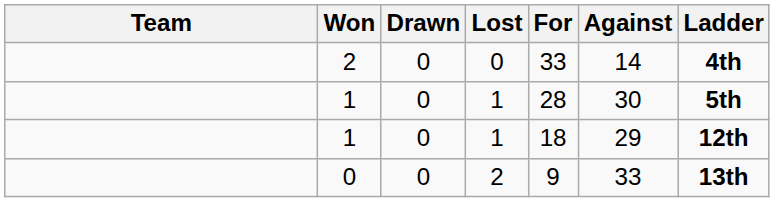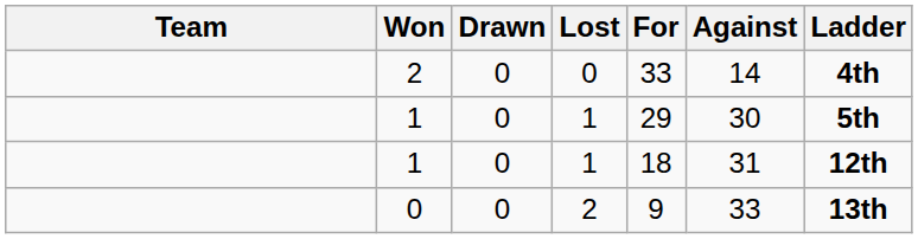 <table class="wikitable">
 <tr>
 <th width="200" bgcolor="#efefef">Team</th>
 <th width="20" bgcolor="#efefef">Won</th>
 <th width="20" bgcolor="#efefef">Drawn</th>
 <th width="20" bgcolor="#efefef">Lost</th>
 <th width="20" bgcolor="#efefef">For</th>
 <th width="20" bgcolor="#efefef">Against</th>
 <th width="20" bgcolor="#efefef">Ladder</th>
 </tr>
 <tr align="center">
 <td align="left"></td>
 <td>2</td>
 <td>0</td>
 <td>0</td>
 <td>33</td>
 <td>14</td>
 <td><strong>4th</strong></td>
 </tr>
 <tr align="center">
 <td align="left"></td>
 <td>1</td>
 <td>0</td>
 <td>1</td>
-<td>28</td>
+<td>29</td>
 <td>30</td>
 <td><strong>5th</strong></td>
 </tr>
 <tr align="center">
 <td align="left"></td>
 <td>1</td>
 <td>0</td>
 <td>1</td>
 <td>18</td>
-<td>29</td>
+<td>31</td>
 <td><strong>12th</strong></td>
 </tr>
 <tr align="center">
 <td align="left"></td>
 <td>0</td>
 <td>0</td>
 <td>2</td>
 <td>9</td>
 <td>33</td>
 <td><strong>13th</strong></td>
 </tr>
 </table>
